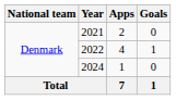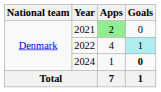 <table class="wikitable" style="text-align:center">
 <tr>
 <th>National team</th>
 <th>Year</th>
 <th>Apps</th>
 <th>Goals</th>
 </tr>
 <tr>
 <td rowspan="3"><a href='#'>Denmark</a></td>
 <td>2021</td>
-<td>2</td>
+<td style="background: lightgreen;">2</td>
 <td>0</td>
 </tr>
 <tr>
 <td>2022</td>
 <td>4</td>
-<td>1</td>
+<td style="background: paleturquoise;">1</td>
 </tr>
 <tr>
 <td>2024</td>
 <td>1</td>
-<td>0</td>
+<td><strong>0</strong></td>
 </tr>
 <tr>
 <th colspan="2">Total</th>
 <th>7</th>
 <th>1</th>
 </tr>
 </table>
